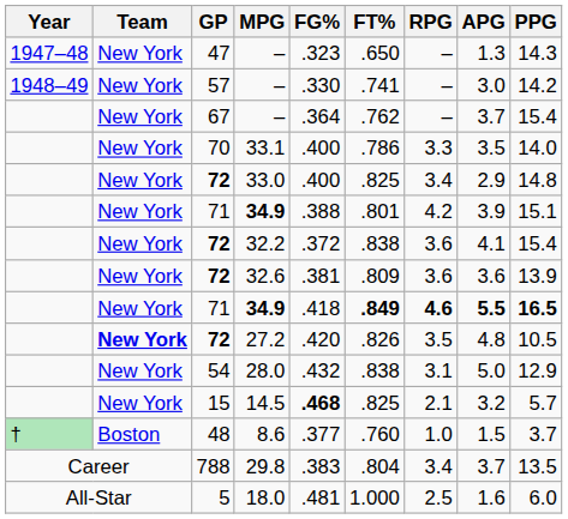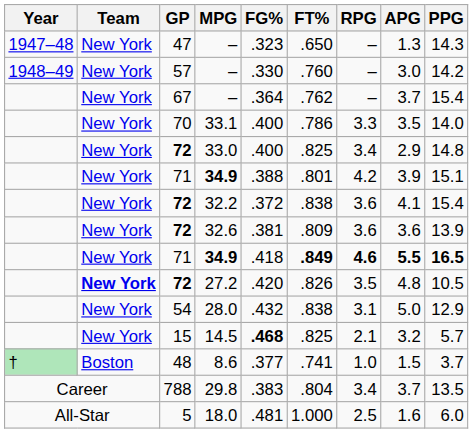 <table class="wikitable sortable" style="font-size:95%; text-align:right;">
 <tr>
 <th>Year</th>
 <th>Team</th>
 <th>GP</th>
 <th>MPG</th>
 <th>FG%</th>
 <th>FT%</th>
 <th>RPG</th>
 <th>APG</th>
 <th>PPG</th>
 </tr>
 <tr>
 <td style="text-align:left;"><a href='#'>1947–48</a></td>
 <td style="text-align:left;"><a href='#'>New York</a></td>
 <td>47</td>
 <td>–</td>
 <td>.323</td>
 <td>.650</td>
 <td>–</td>
 <td>1.3</td>
 <td>14.3</td>
 </tr>
 <tr>
 <td style="text-align:left;"><a href='#'>1948–49</a></td>
 <td style="text-align:left;"><a href='#'>New York</a></td>
 <td>57</td>
 <td>–</td>
 <td>.330</td>
-<td>.741</td>
+<td>.760</td>
 <td>–</td>
 <td>3.0</td>
 <td>14.2</td>
 </tr>
 <tr>
 <td style="text-align:left;"></td>
 <td style="text-align:left;"><a href='#'>New York</a></td>
 <td>67</td>
 <td>–</td>
 <td>.364</td>
 <td>.762</td>
 <td>–</td>
 <td>3.7</td>
 <td>15.4</td>
 </tr>
 <tr>
 <td style="text-align:left;"></td>
 <td style="text-align:left;"><a href='#'>New York</a></td>
 <td>70</td>
 <td>33.1</td>
 <td>.400</td>
 <td>.786</td>
 <td>3.3</td>
 <td>3.5</td>
 <td>14.0</td>
 </tr>
 <tr>
 <td style="text-align:left;"></td>
 <td style="text-align:left;"><a href='#'>New York</a></td>
 <td><strong>72</strong></td>
 <td>33.0</td>
 <td>.400</td>
 <td>.825</td>
 <td>3.4</td>
 <td>2.9</td>
 <td>14.8</td>
 </tr>
 <tr>
 <td style="text-align:left;"></td>
 <td style="text-align:left;"><a href='#'>New York</a></td>
 <td>71</td>
 <td><strong>34.9</strong></td>
 <td>.388</td>
 <td>.801</td>
 <td>4.2</td>
 <td>3.9</td>
 <td>15.1</td>
 </tr>
 <tr>
 <td style="text-align:left;"></td>
 <td style="text-align:left;"><a href='#'>New York</a></td>
 <td><strong>72</strong></td>
 <td>32.2</td>
 <td>.372</td>
 <td>.838</td>
 <td>3.6</td>
 <td>4.1</td>
 <td>15.4</td>
 </tr>
 <tr>
 <td style="text-align:left;"></td>
 <td style="text-align:left;"><a href='#'>New York</a></td>
 <td><strong>72</strong></td>
 <td>32.6</td>
 <td>.381</td>
 <td>.809</td>
 <td>3.6</td>
 <td>3.6</td>
 <td>13.9</td>
 </tr>
 <tr>
 <td style="text-align:left;"></td>
 <td style="text-align:left;"><a href='#'>New York</a></td>
 <td>71</td>
 <td><strong>34.9</strong></td>
 <td>.418</td>
 <td><strong>.849</strong></td>
 <td><strong>4.6</strong></td>
 <td><strong>5.5</strong></td>
 <td><strong>16.5</strong></td>
 </tr>
 <tr>
 <td style="text-align:left;"></td>
 <td style="text-align:left;"><strong><a href='#'>New York</a></strong></td>
 <td><strong>72</strong></td>
 <td>27.2</td>
 <td>.420</td>
 <td>.826</td>
 <td>3.5</td>
 <td>4.8</td>
 <td>10.5</td>
 </tr>
 <tr>
 <td style="text-align:left;"></td>
 <td style="text-align:left;"><a href='#'>New York</a></td>
 <td>54</td>
 <td>28.0</td>
 <td>.432</td>
 <td>.838</td>
 <td>3.1</td>
 <td>5.0</td>
 <td>12.9</td>
 </tr>
 <tr>
 <td style="text-align:left;"></td>
 <td style="text-align:left;"><a href='#'>New York</a></td>
 <td>15</td>
 <td>14.5</td>
 <td><strong>.468</strong></td>
 <td>.825</td>
 <td>2.1</td>
 <td>3.2</td>
 <td>5.7</td>
 </tr>
 <tr>
 <td style="text-align:left; background:#afe6ba;">†</td>
 <td style="text-align:left;"><a href='#'>Boston</a></td>
 <td>48</td>
 <td>8.6</td>
 <td>.377</td>
-<td>.760</td>
+<td>.741</td>
 <td>1.0</td>
 <td>1.5</td>
 <td>3.7</td>
 </tr>
 <tr>
 <td style="text-align:center;" colspan="2">Career</td>
 <td>788</td>
 <td>29.8</td>
 <td>.383</td>
 <td>.804</td>
 <td>3.4</td>
 <td>3.7</td>
 <td>13.5</td>
 </tr>
 <tr>
 <td style="text-align:center;" colspan="2">All-Star</td>
 <td>5</td>
 <td>18.0</td>
 <td>.481</td>
 <td>1.000</td>
 <td>2.5</td>
 <td>1.6</td>
 <td>6.0</td>
 </tr>
 </table>
